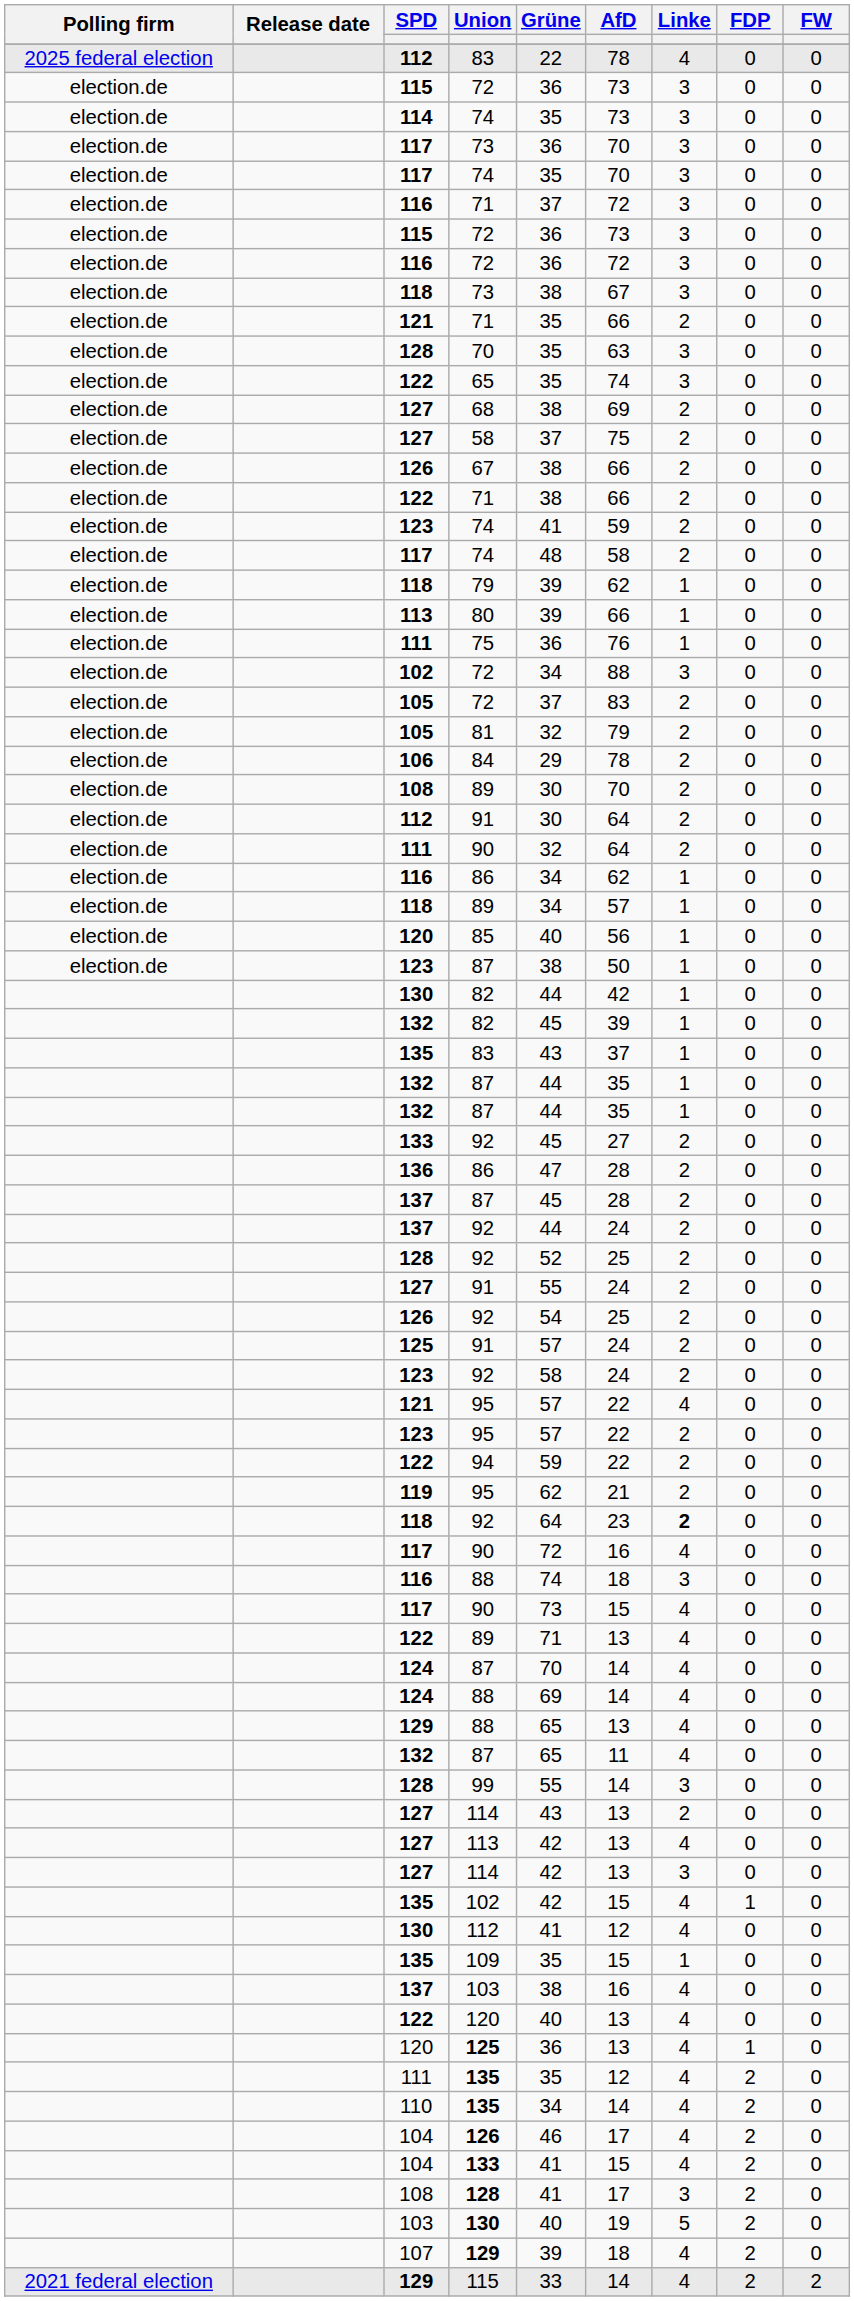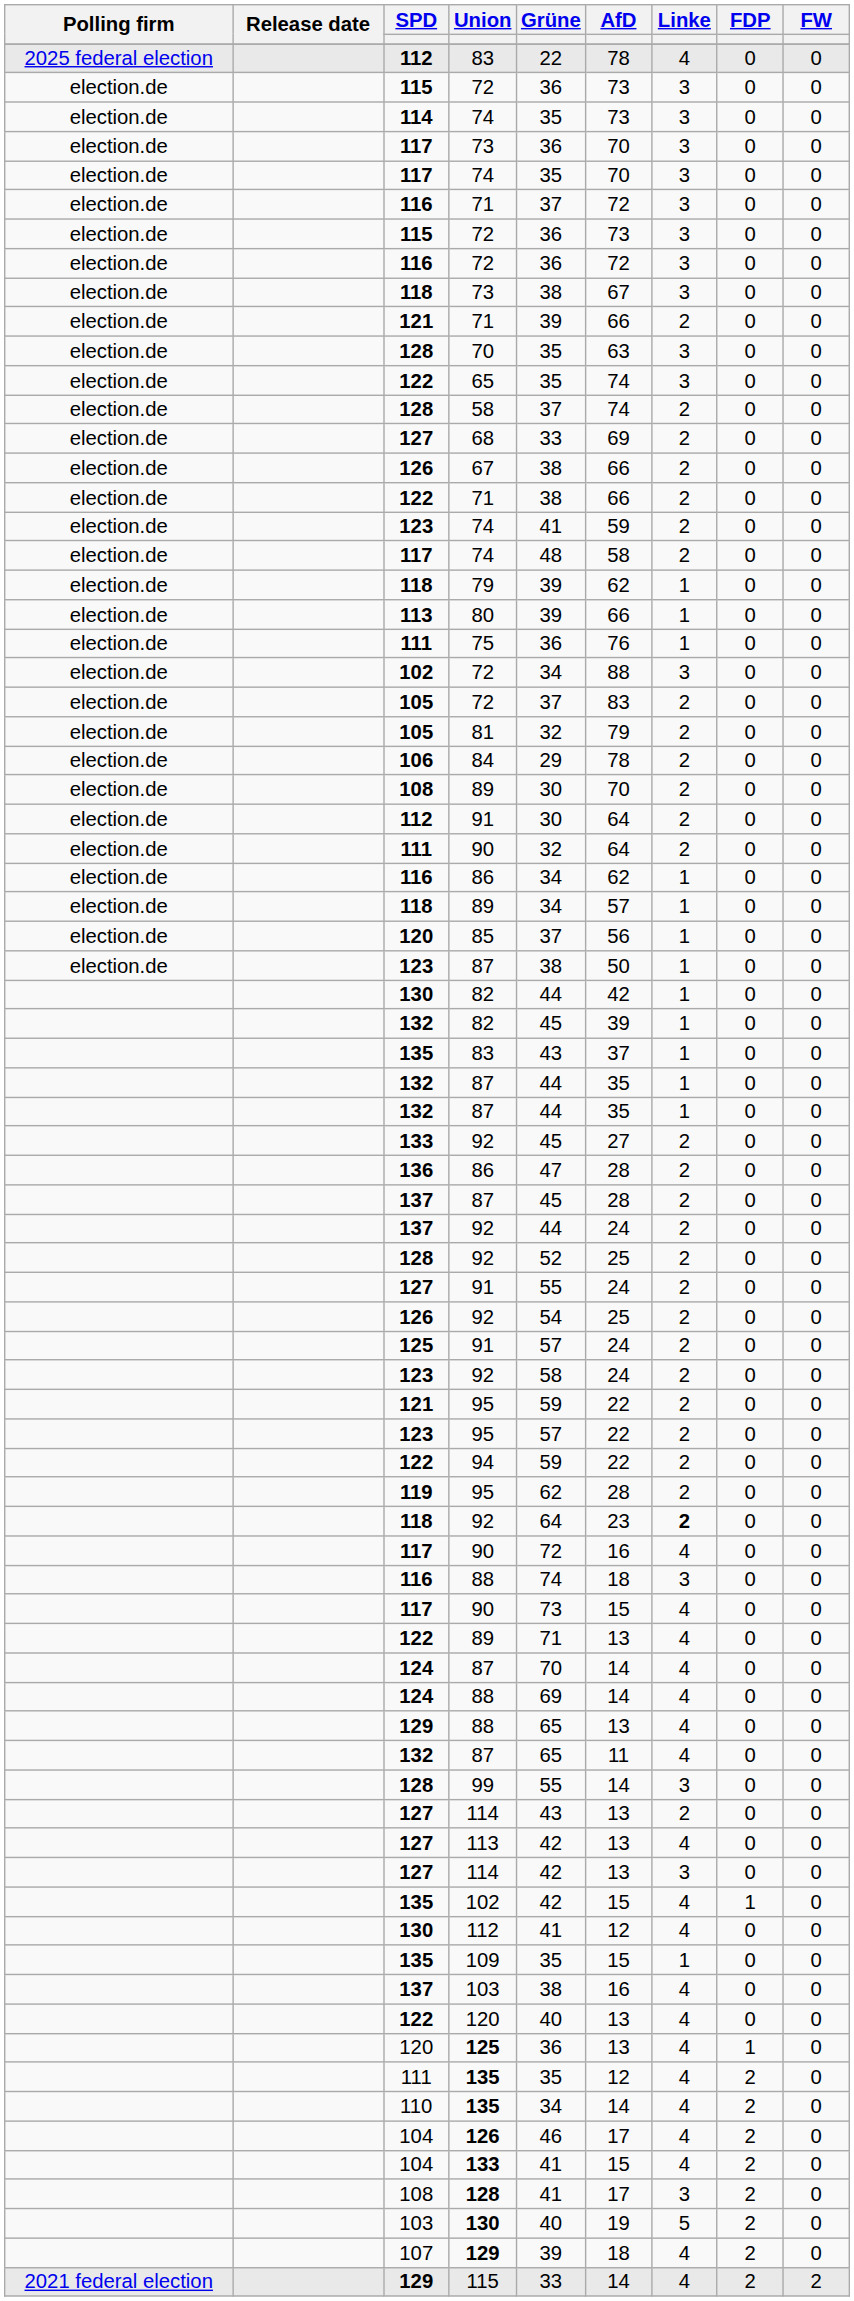 <table class="wikitable sortable mw-datatable" style="text-align:center;font-size:90%;line-height:14px;">
 <tr>
 <th style="width:155px;" rowspan="2">Polling firm</th>
 <th style="width:100px;" rowspan="2">Release date</th>
 <th class="unsortable" style="width:40px;"><a href='#'>SPD</a></th>
 <th class="unsortable" style="width:40px;"><a href='#'>Union</a></th>
 <th class="unsortable" style="width:40px;"><a href='#'>Grüne</a></th>
 <th class="unsortable" style="width:40px;"><a href='#'>AfD</a></th>
 <th class="unsortable" style="width:40px;"><a href='#'>Linke</a></th>
 <th class="unsortable" style="width:40px;"><a href='#'>FDP</a></th>
 <th class="unsortable" style="width:40px;"><a href='#'>FW</a></th>
 </tr>
 <tr>
 <th style="background:"></th>
 <th style="background:"></th>
 <th style="background:"></th>
 <th style="background:"></th>
 <th style="background:"></th>
 <th style="background:"></th>
 <th style="background:"></th>
 </tr>
 <tr>
 </tr>
 <tr style="background:#E9E9E9;">
 <td><a href='#'>2025 federal election</a></td>
 <td></td>
 <td><strong>112</strong></td>
 <td>83</td>
 <td>22</td>
 <td>78</td>
 <td>4</td>
 <td>0</td>
 <td>0</td>
 </tr>
 <tr>
 <td>election.de</td>
 <td></td>
 <td><strong>115</strong></td>
 <td>72</td>
 <td>36</td>
 <td>73</td>
 <td>3</td>
 <td>0</td>
 <td>0</td>
 </tr>
 <tr>
 <td>election.de</td>
 <td></td>
 <td><strong>114</strong></td>
 <td>74</td>
 <td>35</td>
 <td>73</td>
 <td>3</td>
 <td>0</td>
 <td>0</td>
 </tr>
 <tr>
 <td>election.de</td>
 <td></td>
 <td><strong>117</strong></td>
 <td>73</td>
 <td>36</td>
 <td>70</td>
 <td>3</td>
 <td>0</td>
 <td>0</td>
 </tr>
 <tr>
 <td>election.de</td>
 <td></td>
 <td><strong>117</strong></td>
 <td>74</td>
 <td>35</td>
 <td>70</td>
 <td>3</td>
 <td>0</td>
 <td>0</td>
 </tr>
 <tr>
 <td>election.de</td>
 <td></td>
 <td><strong>116</strong></td>
 <td>71</td>
 <td>37</td>
 <td>72</td>
 <td>3</td>
 <td>0</td>
 <td>0</td>
 </tr>
 <tr>
 <td>election.de</td>
 <td></td>
 <td><strong>115</strong></td>
 <td>72</td>
 <td>36</td>
 <td>73</td>
 <td>3</td>
 <td>0</td>
 <td>0</td>
 </tr>
 <tr>
 <td>election.de</td>
 <td></td>
 <td><strong>116</strong></td>
 <td>72</td>
 <td>36</td>
 <td>72</td>
 <td>3</td>
 <td>0</td>
 <td>0</td>
 </tr>
 <tr>
 <td>election.de</td>
 <td></td>
 <td><strong>118</strong></td>
 <td>73</td>
 <td>38</td>
 <td>67</td>
 <td>3</td>
 <td>0</td>
 <td>0</td>
 </tr>
 <tr>
 <td>election.de</td>
 <td></td>
 <td><strong>121</strong></td>
 <td>71</td>
-<td>35</td>
+<td>39</td>
 <td>66</td>
 <td>2</td>
 <td>0</td>
 <td>0</td>
 </tr>
 <tr>
 <td>election.de</td>
 <td></td>
 <td><strong>128</strong></td>
 <td>70</td>
 <td>35</td>
 <td>63</td>
 <td>3</td>
 <td>0</td>
 <td>0</td>
 </tr>
 <tr>
 <td>election.de</td>
 <td></td>
 <td><strong>122</strong></td>
 <td>65</td>
 <td>35</td>
 <td>74</td>
 <td>3</td>
 <td>0</td>
 <td>0</td>
 </tr>
 <tr>
 <td>election.de</td>
 <td></td>
-<td><strong>127</strong></td>
-<td>68</td>
-<td>38</td>
-<td>69</td>
+<td><strong>128</strong></td>
+<td>58</td>
+<td>37</td>
+<td>74</td>
 <td>2</td>
 <td>0</td>
 <td>0</td>
 </tr>
 <tr>
 <td>election.de</td>
 <td></td>
 <td><strong>127</strong></td>
-<td>58</td>
-<td>37</td>
-<td>75</td>
+<td>68</td>
+<td>33</td>
+<td>69</td>
 <td>2</td>
 <td>0</td>
 <td>0</td>
 </tr>
 <tr>
 <td>election.de</td>
 <td></td>
 <td><strong>126</strong></td>
 <td>67</td>
 <td>38</td>
 <td>66</td>
 <td>2</td>
 <td>0</td>
 <td>0</td>
 </tr>
 <tr>
 <td>election.de</td>
 <td></td>
 <td><strong>122</strong></td>
 <td>71</td>
 <td>38</td>
 <td>66</td>
 <td>2</td>
 <td>0</td>
 <td>0</td>
 </tr>
 <tr>
 <td>election.de</td>
 <td></td>
 <td><strong>123</strong></td>
 <td>74</td>
 <td>41</td>
 <td>59</td>
 <td>2</td>
 <td>0</td>
 <td>0</td>
 </tr>
 <tr>
 <td>election.de</td>
 <td></td>
 <td><strong>117</strong></td>
 <td>74</td>
 <td>48</td>
 <td>58</td>
 <td>2</td>
 <td>0</td>
 <td>0</td>
 </tr>
 <tr>
 <td>election.de</td>
 <td></td>
 <td><strong>118</strong></td>
 <td>79</td>
 <td>39</td>
 <td>62</td>
 <td>1</td>
 <td>0</td>
 <td>0</td>
 </tr>
 <tr>
 <td>election.de</td>
 <td></td>
 <td><strong>113</strong></td>
 <td>80</td>
 <td>39</td>
 <td>66</td>
 <td>1</td>
 <td>0</td>
 <td>0</td>
 </tr>
 <tr>
 <td>election.de</td>
 <td></td>
 <td><strong>111</strong></td>
 <td>75</td>
 <td>36</td>
 <td>76</td>
 <td>1</td>
 <td>0</td>
 <td>0</td>
 </tr>
 <tr>
 <td>election.de</td>
 <td></td>
 <td><strong>102</strong></td>
 <td>72</td>
 <td>34</td>
 <td>88</td>
 <td>3</td>
 <td>0</td>
 <td>0</td>
 </tr>
 <tr>
 <td>election.de</td>
 <td></td>
 <td><strong>105</strong></td>
 <td>72</td>
 <td>37</td>
 <td>83</td>
 <td>2</td>
 <td>0</td>
 <td>0</td>
 </tr>
 <tr>
 <td>election.de</td>
 <td></td>
 <td><strong>105</strong></td>
 <td>81</td>
 <td>32</td>
 <td>79</td>
 <td>2</td>
 <td>0</td>
 <td>0</td>
 </tr>
 <tr>
 <td>election.de</td>
 <td></td>
 <td><strong>106</strong></td>
 <td>84</td>
 <td>29</td>
 <td>78</td>
 <td>2</td>
 <td>0</td>
 <td>0</td>
 </tr>
 <tr>
 <td>election.de</td>
 <td></td>
 <td><strong>108</strong></td>
 <td>89</td>
 <td>30</td>
 <td>70</td>
 <td>2</td>
 <td>0</td>
 <td>0</td>
 </tr>
 <tr>
 <td>election.de</td>
 <td></td>
 <td><strong>112</strong></td>
 <td>91</td>
 <td>30</td>
 <td>64</td>
 <td>2</td>
 <td>0</td>
 <td>0</td>
 </tr>
 <tr>
 <td>election.de</td>
 <td></td>
 <td><strong>111</strong></td>
 <td>90</td>
 <td>32</td>
 <td>64</td>
 <td>2</td>
 <td>0</td>
 <td>0</td>
 </tr>
 <tr>
 <td>election.de</td>
 <td></td>
 <td><strong>116</strong></td>
 <td>86</td>
 <td>34</td>
 <td>62</td>
 <td>1</td>
 <td>0</td>
 <td>0</td>
 </tr>
 <tr>
 <td>election.de</td>
 <td></td>
 <td><strong>118</strong></td>
 <td>89</td>
 <td>34</td>
 <td>57</td>
 <td>1</td>
 <td>0</td>
 <td>0</td>
 </tr>
 <tr>
 <td>election.de</td>
 <td></td>
 <td><strong>120</strong></td>
 <td>85</td>
-<td>40</td>
+<td>37</td>
 <td>56</td>
 <td>1</td>
 <td>0</td>
 <td>0</td>
 </tr>
 <tr>
 <td>election.de</td>
 <td></td>
 <td><strong>123</strong></td>
 <td>87</td>
 <td>38</td>
 <td>50</td>
 <td>1</td>
 <td>0</td>
 <td>0</td>
 </tr>
 <tr>
 <td></td>
 <td></td>
 <td><strong>130</strong></td>
 <td>82</td>
 <td>44</td>
 <td>42</td>
 <td>1</td>
 <td>0</td>
 <td>0</td>
 </tr>
 <tr>
 <td></td>
 <td></td>
 <td><strong>132</strong></td>
 <td>82</td>
 <td>45</td>
 <td>39</td>
 <td>1</td>
 <td>0</td>
 <td>0</td>
 </tr>
 <tr>
 <td></td>
 <td></td>
 <td><strong>135</strong></td>
 <td>83</td>
 <td>43</td>
 <td>37</td>
 <td>1</td>
 <td>0</td>
 <td>0</td>
 </tr>
 <tr>
 <td></td>
 <td></td>
 <td><strong>132</strong></td>
 <td>87</td>
 <td>44</td>
 <td>35</td>
 <td>1</td>
 <td>0</td>
 <td>0</td>
 </tr>
 <tr>
 <td></td>
 <td></td>
 <td><strong>132</strong></td>
 <td>87</td>
 <td>44</td>
 <td>35</td>
 <td>1</td>
 <td>0</td>
 <td>0</td>
 </tr>
 <tr>
 <td></td>
 <td></td>
 <td><strong>133</strong></td>
 <td>92</td>
 <td>45</td>
 <td>27</td>
 <td>2</td>
 <td>0</td>
 <td>0</td>
 </tr>
 <tr>
 <td></td>
 <td></td>
 <td><strong>136</strong></td>
 <td>86</td>
 <td>47</td>
 <td>28</td>
 <td>2</td>
 <td>0</td>
 <td>0</td>
 </tr>
 <tr>
 <td></td>
 <td></td>
 <td><strong>137</strong></td>
 <td>87</td>
 <td>45</td>
 <td>28</td>
 <td>2</td>
 <td>0</td>
 <td>0</td>
 </tr>
 <tr>
 <td></td>
 <td></td>
 <td><strong>137</strong></td>
 <td>92</td>
 <td>44</td>
 <td>24</td>
 <td>2</td>
 <td>0</td>
 <td>0</td>
 </tr>
 <tr>
 <td></td>
 <td></td>
 <td><strong>128</strong></td>
 <td>92</td>
 <td>52</td>
 <td>25</td>
 <td>2</td>
 <td>0</td>
 <td>0</td>
 </tr>
 <tr>
 <td></td>
 <td></td>
 <td><strong>127</strong></td>
 <td>91</td>
 <td>55</td>
 <td>24</td>
 <td>2</td>
 <td>0</td>
 <td>0</td>
 </tr>
 <tr>
 <td></td>
 <td></td>
 <td><strong>126</strong></td>
 <td>92</td>
 <td>54</td>
 <td>25</td>
 <td>2</td>
 <td>0</td>
 <td>0</td>
 </tr>
 <tr>
 <td></td>
 <td></td>
 <td><strong>125</strong></td>
 <td>91</td>
 <td>57</td>
 <td>24</td>
 <td>2</td>
 <td>0</td>
 <td>0</td>
 </tr>
 <tr>
 <td></td>
 <td></td>
 <td><strong>123</strong></td>
 <td>92</td>
 <td>58</td>
 <td>24</td>
 <td>2</td>
 <td>0</td>
 <td>0</td>
 </tr>
 <tr>
 <td></td>
 <td></td>
 <td><strong>121</strong></td>
 <td>95</td>
-<td>57</td>
+<td>59</td>
 <td>22</td>
-<td>4</td>
+<td>2</td>
 <td>0</td>
 <td>0</td>
 </tr>
 <tr>
 <td></td>
 <td></td>
 <td><strong>123</strong></td>
 <td>95</td>
 <td>57</td>
 <td>22</td>
 <td>2</td>
 <td>0</td>
 <td>0</td>
 </tr>
 <tr>
 <td></td>
 <td></td>
 <td><strong>122</strong></td>
 <td>94</td>
 <td>59</td>
 <td>22</td>
 <td>2</td>
 <td>0</td>
 <td>0</td>
 </tr>
 <tr>
 <td></td>
 <td></td>
 <td><strong>119</strong></td>
 <td>95</td>
 <td>62</td>
-<td>21</td>
+<td>28</td>
 <td>2</td>
 <td>0</td>
 <td>0</td>
 </tr>
 <tr>
 <td></td>
 <td></td>
 <td><strong>118</strong></td>
 <td>92</td>
 <td>64</td>
 <td>23</td>
 <td><strong>2</strong></td>
 <td>0</td>
 <td>0</td>
 </tr>
 <tr>
 <td></td>
 <td></td>
 <td><strong>117</strong></td>
 <td>90</td>
 <td>72</td>
 <td>16</td>
 <td>4</td>
 <td>0</td>
 <td>0</td>
 </tr>
 <tr>
 <td></td>
 <td></td>
 <td><strong>116</strong></td>
 <td>88</td>
 <td>74</td>
 <td>18</td>
 <td>3</td>
 <td>0</td>
 <td>0</td>
 </tr>
 <tr>
 <td></td>
 <td></td>
 <td><strong>117</strong></td>
 <td>90</td>
 <td>73</td>
 <td>15</td>
 <td>4</td>
 <td>0</td>
 <td>0</td>
 </tr>
 <tr>
 <td></td>
 <td></td>
 <td><strong>122</strong></td>
 <td>89</td>
 <td>71</td>
 <td>13</td>
 <td>4</td>
 <td>0</td>
 <td>0</td>
 </tr>
 <tr>
 <td></td>
 <td></td>
 <td><strong>124</strong></td>
 <td>87</td>
 <td>70</td>
 <td>14</td>
 <td>4</td>
 <td>0</td>
 <td>0</td>
 </tr>
 <tr>
 <td></td>
 <td></td>
 <td><strong>124</strong></td>
 <td>88</td>
 <td>69</td>
 <td>14</td>
 <td>4</td>
 <td>0</td>
 <td>0</td>
 </tr>
 <tr>
 <td></td>
 <td></td>
 <td><strong>129</strong></td>
 <td>88</td>
 <td>65</td>
 <td>13</td>
 <td>4</td>
 <td>0</td>
 <td>0</td>
 </tr>
 <tr>
 <td></td>
 <td></td>
 <td><strong>132</strong></td>
 <td>87</td>
 <td>65</td>
 <td>11</td>
 <td>4</td>
 <td>0</td>
 <td>0</td>
 </tr>
 <tr>
 <td></td>
 <td></td>
 <td><strong>128</strong></td>
 <td>99</td>
 <td>55</td>
 <td>14</td>
 <td>3</td>
 <td>0</td>
 <td>0</td>
 </tr>
 <tr>
 <td></td>
 <td></td>
 <td><strong>127</strong></td>
 <td>114</td>
 <td>43</td>
 <td>13</td>
 <td>2</td>
 <td>0</td>
 <td>0</td>
 </tr>
 <tr>
 <td></td>
 <td></td>
 <td><strong>127</strong></td>
 <td>113</td>
 <td>42</td>
 <td>13</td>
 <td>4</td>
 <td>0</td>
 <td>0</td>
 </tr>
 <tr>
 <td></td>
 <td></td>
 <td><strong>127</strong></td>
 <td>114</td>
 <td>42</td>
 <td>13</td>
 <td>3</td>
 <td>0</td>
 <td>0</td>
 </tr>
 <tr>
 <td></td>
 <td></td>
 <td><strong>135</strong></td>
 <td>102</td>
 <td>42</td>
 <td>15</td>
 <td>4</td>
 <td>1</td>
 <td>0</td>
 </tr>
 <tr>
 <td></td>
 <td></td>
 <td><strong>130</strong></td>
 <td>112</td>
 <td>41</td>
 <td>12</td>
 <td>4</td>
 <td>0</td>
 <td>0</td>
 </tr>
 <tr>
 <td></td>
 <td></td>
 <td><strong>135</strong></td>
 <td>109</td>
 <td>35</td>
 <td>15</td>
 <td>1</td>
 <td>0</td>
 <td>0</td>
 </tr>
 <tr>
 <td></td>
 <td></td>
 <td><strong>137</strong></td>
 <td>103</td>
 <td>38</td>
 <td>16</td>
 <td>4</td>
 <td>0</td>
 <td>0</td>
 </tr>
 <tr>
 <td></td>
 <td></td>
 <td><strong>122</strong></td>
 <td>120</td>
 <td>40</td>
 <td>13</td>
 <td>4</td>
 <td>0</td>
 <td>0</td>
 </tr>
 <tr>
 <td></td>
 <td></td>
 <td>120</td>
 <td><strong>125</strong></td>
 <td>36</td>
 <td>13</td>
 <td>4</td>
 <td>1</td>
 <td>0</td>
 </tr>
 <tr>
 <td></td>
 <td></td>
 <td>111</td>
 <td><strong>135</strong></td>
 <td>35</td>
 <td>12</td>
 <td>4</td>
 <td>2</td>
 <td>0</td>
 </tr>
 <tr>
 <td></td>
 <td></td>
 <td>110</td>
 <td><strong>135</strong></td>
 <td>34</td>
 <td>14</td>
 <td>4</td>
 <td>2</td>
 <td>0</td>
 </tr>
 <tr>
 <td></td>
 <td></td>
 <td>104</td>
 <td><strong>126</strong></td>
 <td>46</td>
 <td>17</td>
 <td>4</td>
 <td>2</td>
 <td>0</td>
 </tr>
 <tr>
 <td></td>
 <td></td>
 <td>104</td>
 <td><strong>133</strong></td>
 <td>41</td>
 <td>15</td>
 <td>4</td>
 <td>2</td>
 <td>0</td>
 </tr>
 <tr>
 <td></td>
 <td></td>
 <td>108</td>
 <td><strong>128</strong></td>
 <td>41</td>
 <td>17</td>
 <td>3</td>
 <td>2</td>
 <td>0</td>
 </tr>
 <tr>
 <td></td>
 <td></td>
 <td>103</td>
 <td><strong>130</strong></td>
 <td>40</td>
 <td>19</td>
 <td>5</td>
 <td>2</td>
 <td>0</td>
 </tr>
 <tr>
 <td></td>
 <td></td>
 <td>107</td>
 <td><strong>129</strong></td>
 <td>39</td>
 <td>18</td>
 <td>4</td>
 <td>2</td>
 <td>0</td>
 </tr>
 <tr style="background:#E9E9E9;">
 <td><a href='#'>2021 federal election</a></td>
 <td></td>
 <td><strong>129</strong></td>
 <td>115</td>
 <td>33</td>
 <td>14</td>
 <td>4</td>
 <td>2</td>
 <td>2</td>
 </tr>
 </table>
